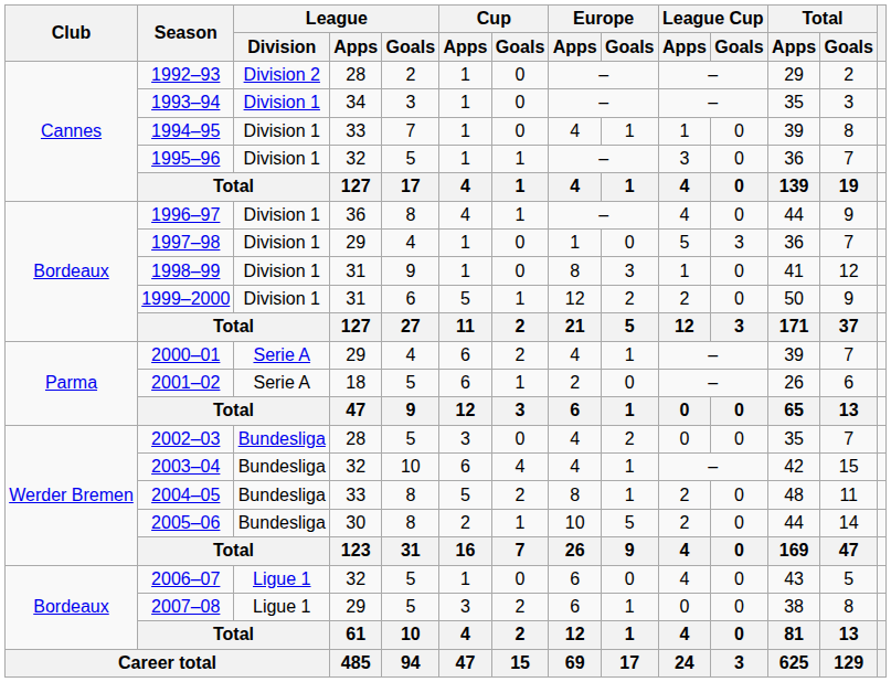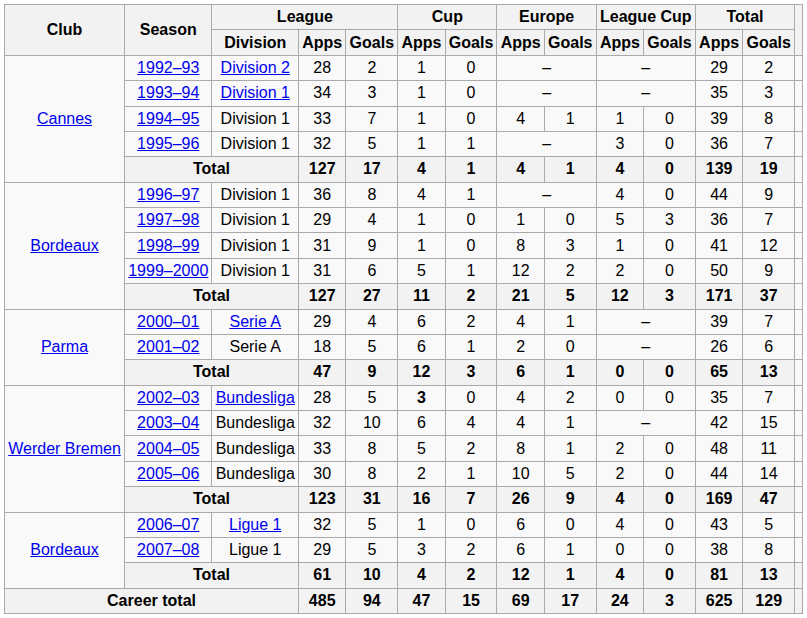 <table class="wikitable" style="text-align: center;">
 <tr>
 <th rowspan="2">Club</th>
 <th rowspan="2">Season</th>
 <th colspan="3">League</th>
 <th colspan="2">Cup</th>
 <th colspan="2">Europe</th>
 <th colspan="2">League Cup</th>
 <th colspan="2">Total</th>
 <th rowspan="2"></th>
 </tr>
 <tr>
 <th>Division</th>
 <th>Apps</th>
 <th>Goals</th>
 <th>Apps</th>
 <th>Goals</th>
 <th>Apps</th>
 <th>Goals</th>
 <th>Apps</th>
 <th>Goals</th>
 <th>Apps</th>
 <th>Goals</th>
 </tr>
 <tr>
 <td rowspan="5"><a href='#'>Cannes</a></td>
 <td><a href='#'>1992–93</a></td>
 <td><a href='#'>Division 2</a></td>
 <td>28</td>
 <td>2</td>
 <td>1</td>
 <td>0</td>
 <td colspan="2">–</td>
 <td colspan="2">–</td>
 <td>29</td>
 <td>2</td>
 <td></td>
 </tr>
 <tr>
 <td><a href='#'>1993–94</a></td>
 <td><a href='#'>Division 1</a></td>
 <td>34</td>
 <td>3</td>
 <td>1</td>
 <td>0</td>
 <td colspan="2">–</td>
 <td colspan="2">–</td>
 <td>35</td>
 <td>3</td>
 <td></td>
 </tr>
 <tr>
 <td><a href='#'>1994–95</a></td>
 <td>Division 1</td>
 <td>33</td>
 <td>7</td>
 <td>1</td>
 <td>0</td>
 <td>4</td>
 <td>1</td>
 <td>1</td>
 <td>0</td>
 <td>39</td>
 <td>8</td>
 <td></td>
 </tr>
 <tr>
 <td><a href='#'>1995–96</a></td>
 <td>Division 1</td>
 <td>32</td>
 <td>5</td>
 <td>1</td>
 <td>1</td>
 <td colspan="2">–</td>
 <td>3</td>
 <td>0</td>
 <td>36</td>
 <td>7</td>
 <td></td>
 </tr>
 <tr>
 <th colspan="2">Total</th>
 <th>127</th>
 <th>17</th>
 <th>4</th>
 <th>1</th>
 <th>4</th>
 <th>1</th>
 <th>4</th>
 <th>0</th>
 <th>139</th>
 <th>19</th>
 </tr>
 <tr>
 <td rowspan="5"><a href='#'>Bordeaux</a></td>
 <td><a href='#'>1996–97</a></td>
 <td>Division 1</td>
 <td>36</td>
 <td>8</td>
 <td>4</td>
 <td>1</td>
 <td colspan="2">–</td>
 <td>4</td>
 <td>0</td>
 <td>44</td>
 <td>9</td>
 <td></td>
 </tr>
 <tr>
 <td><a href='#'>1997–98</a></td>
 <td>Division 1</td>
 <td>29</td>
 <td>4</td>
 <td>1</td>
 <td>0</td>
 <td>1</td>
 <td>0</td>
 <td>5</td>
 <td>3</td>
 <td>36</td>
 <td>7</td>
 <td></td>
 </tr>
 <tr>
 <td><a href='#'>1998–99</a></td>
 <td>Division 1</td>
 <td>31</td>
 <td>9</td>
 <td>1</td>
 <td>0</td>
 <td>8</td>
 <td>3</td>
 <td>1</td>
 <td>0</td>
 <td>41</td>
 <td>12</td>
 <td></td>
 </tr>
 <tr>
 <td><a href='#'>1999–2000</a></td>
 <td>Division 1</td>
 <td>31</td>
 <td>6</td>
 <td>5</td>
 <td>1</td>
 <td>12</td>
 <td>2</td>
 <td>2</td>
 <td>0</td>
 <td>50</td>
 <td>9</td>
 <td></td>
 </tr>
 <tr>
 <th colspan="2">Total</th>
 <th>127</th>
 <th>27</th>
 <th>11</th>
 <th>2</th>
 <th>21</th>
 <th>5</th>
 <th>12</th>
 <th>3</th>
 <th>171</th>
 <th>37</th>
 </tr>
 <tr>
 <td rowspan="3"><a href='#'>Parma</a></td>
 <td><a href='#'>2000–01</a></td>
 <td><a href='#'>Serie A</a></td>
 <td>29</td>
 <td>4</td>
 <td>6</td>
 <td>2</td>
 <td>4</td>
 <td>1</td>
 <td colspan="2">–</td>
 <td>39</td>
 <td>7</td>
 <td></td>
 </tr>
 <tr>
 <td><a href='#'>2001–02</a></td>
 <td>Serie A</td>
 <td>18</td>
 <td>5</td>
 <td>6</td>
 <td>1</td>
 <td>2</td>
 <td>0</td>
 <td colspan="2">–</td>
 <td>26</td>
 <td>6</td>
 <td></td>
 </tr>
 <tr>
 <th colspan="2">Total</th>
 <th>47</th>
 <th>9</th>
 <th>12</th>
 <th>3</th>
 <th>6</th>
 <th>1</th>
 <th>0</th>
 <th>0</th>
 <th>65</th>
 <th>13</th>
 </tr>
 <tr>
 <td rowspan="5"><a href='#'>Werder Bremen</a></td>
 <td><a href='#'>2002–03</a></td>
 <td><a href='#'>Bundesliga</a></td>
 <td>28</td>
 <td>5</td>
-<td>3</td>
+<td><strong>3</strong></td>
 <td>0</td>
 <td>4</td>
 <td>2</td>
 <td>0</td>
 <td>0</td>
 <td>35</td>
 <td>7</td>
 <td></td>
 </tr>
 <tr>
 <td><a href='#'>2003–04</a></td>
 <td>Bundesliga</td>
 <td>32</td>
 <td>10</td>
 <td>6</td>
 <td>4</td>
 <td>4</td>
 <td>1</td>
 <td colspan="2">–</td>
 <td>42</td>
 <td>15</td>
 <td></td>
 </tr>
 <tr>
 <td><a href='#'>2004–05</a></td>
 <td>Bundesliga</td>
 <td>33</td>
 <td>8</td>
 <td>5</td>
 <td>2</td>
 <td>8</td>
 <td>1</td>
 <td>2</td>
 <td>0</td>
 <td>48</td>
 <td>11</td>
 <td></td>
 </tr>
 <tr>
 <td><a href='#'>2005–06</a></td>
 <td>Bundesliga</td>
 <td>30</td>
 <td>8</td>
 <td>2</td>
 <td>1</td>
 <td>10</td>
 <td>5</td>
 <td>2</td>
 <td>0</td>
 <td>44</td>
 <td>14</td>
 <td></td>
 </tr>
 <tr>
 <th colspan="2">Total</th>
 <th>123</th>
 <th>31</th>
 <th>16</th>
 <th>7</th>
 <th>26</th>
 <th>9</th>
 <th>4</th>
 <th>0</th>
 <th>169</th>
 <th>47</th>
 </tr>
 <tr>
 <td rowspan="3"><a href='#'>Bordeaux</a></td>
 <td><a href='#'>2006–07</a></td>
 <td><a href='#'>Ligue 1</a></td>
 <td>32</td>
 <td>5</td>
 <td>1</td>
 <td>0</td>
 <td>6</td>
 <td>0</td>
 <td>4</td>
 <td>0</td>
 <td>43</td>
 <td>5</td>
 <td></td>
 </tr>
 <tr>
 <td><a href='#'>2007–08</a></td>
 <td>Ligue 1</td>
 <td>29</td>
 <td>5</td>
 <td>3</td>
 <td>2</td>
 <td>6</td>
 <td>1</td>
 <td>0</td>
 <td>0</td>
 <td>38</td>
 <td>8</td>
 <td></td>
 </tr>
 <tr>
 <th colspan="2">Total</th>
 <th>61</th>
 <th>10</th>
 <th>4</th>
 <th>2</th>
 <th>12</th>
 <th>1</th>
 <th>4</th>
 <th>0</th>
 <th>81</th>
 <th>13</th>
 <th></th>
 </tr>
 <tr>
 <th colspan="3">Career total</th>
 <th>485</th>
 <th>94</th>
 <th>47</th>
 <th>15</th>
 <th>69</th>
 <th>17</th>
 <th>24</th>
 <th>3</th>
 <th>625</th>
 <th>129</th>
 <th></th>
 </tr>
 </table>
